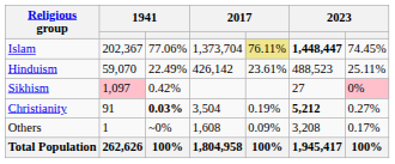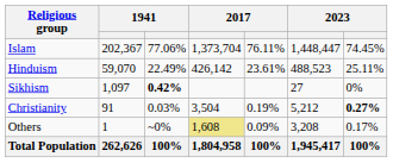 <table class="wikitable sortable">
 <tr>
 <th rowspan="2"><a href='#'>Religious</a><br>group</th>
 <th colspan="2">1941</th>
 <th colspan="2">2017</th>
 <th colspan="2">2023</th>
 </tr>
 <tr>
 <th><a href='#'></a></th>
 <th></th>
 <th></th>
 <th></th>
 <th></th>
 <th></th>
 </tr>
 <tr>
 <td><a href='#'>Islam</a> </td>
 <td>202,367</td>
 <td>77.06%</td>
 <td>1,373,704</td>
-<td style="background: khaki;">76.11%</td>
-<td><strong>1,448,447</strong></td>
+<td>76.11%</td>
+<td>1,448,447</td>
 <td>74.45%</td>
 </tr>
 <tr>
 <td><a href='#'>Hinduism</a> </td>
 <td>59,070</td>
 <td>22.49%</td>
 <td>426,142</td>
 <td>23.61%</td>
 <td>488,523</td>
 <td>25.11%</td>
 </tr>
 <tr>
 <td><a href='#'>Sikhism</a> </td>
-<td style="background: pink;">1,097</td>
-<td>0.42%</td>
+<td>1,097</td>
+<td><strong>0.42%</strong></td>
 <td></td>
 <td></td>
 <td>27</td>
-<td style="background: pink;">0%</td>
+<td>0%</td>
 </tr>
 <tr>
 <td><a href='#'>Christianity</a> </td>
 <td>91</td>
-<td><strong>0.03%</strong></td>
+<td>0.03%</td>
 <td>3,504</td>
 <td>0.19%</td>
-<td><strong>5,212</strong></td>
-<td>0.27%</td>
+<td>5,212</td>
+<td><strong>0.27%</strong></td>
 </tr>
 <tr>
 <td>Others </td>
 <td>1</td>
 <td>~0%</td>
-<td>1,608</td>
+<td style="background: khaki;">1,608</td>
 <td>0.09%</td>
 <td>3,208</td>
 <td>0.17%</td>
 </tr>
 <tr>
 <th>Total Population</th>
 <th>262,626</th>
 <th>100%</th>
 <th>1,804,958</th>
 <th>100%</th>
 <th>1,945,417</th>
 <th>100%</th>
 </tr>
 </table>
